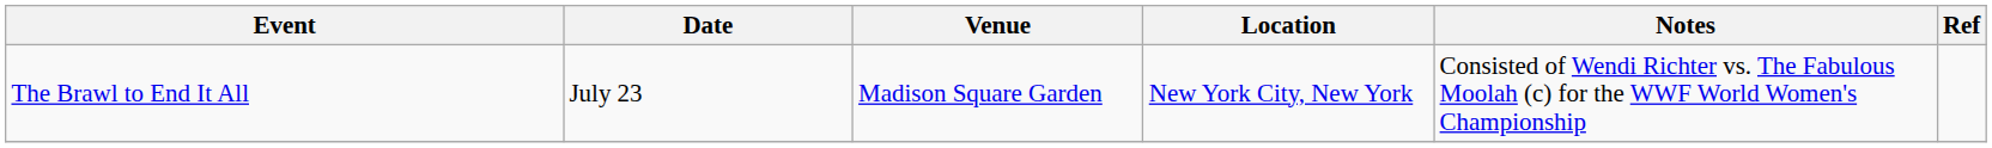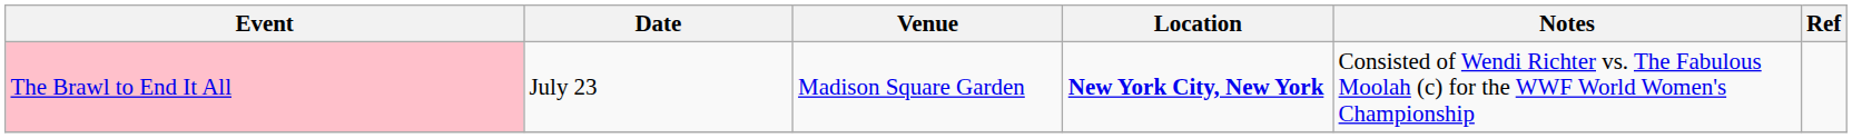 <table class="wikitable plainrowheaders sortable" style="width:100%;">
 <tr>
 <th style="width:29%;">Event</th>
 <th style="width:15%;">Date</th>
 <th style="width:15%;">Venue</th>
 <th style="width:15%;">Location</th>
 <th style="width:99%;">Notes</th>
 <th style="width:99%;">Ref</th>
 </tr>
 <tr>
-<td><a href='#'>The Brawl to End It All</a></td>
+<td style="background: pink;"><a href='#'>The Brawl to End It All</a></td>
 <td>July 23</td>
 <td><a href='#'>Madison Square Garden</a></td>
-<td><a href='#'>New York City, New York</a></td>
+<td><strong><a href='#'>New York City, New York</a></strong></td>
 <td>Consisted of <a href='#'>Wendi Richter</a> vs. <a href='#'>The Fabulous Moolah</a> (c) for the <a href='#'>WWF World Women's Championship</a></td>
 <td></td>
 </tr>
 <tr>
 </tr>
 </table>
